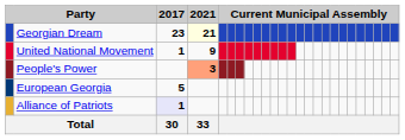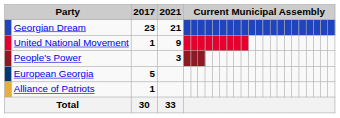 <table class="wikitable">
 <tr>
 <th style="background:#ccc" colspan="2">Party</th>
 <th style="background:#ccc">2017</th>
 <th style="background:#ccc">2021</th>
 <th colspan="42" style="background:#ccc">Current Municipal Assembly</th>
 </tr>
 <tr>
 <td style="background-color: #2044bc"> </td>
 <td><a href='#'>Georgian Dream</a></td>
 <td style="text-align: right"><strong>23</strong></td>
-<td style="background: lightyellow; text-align: right"><strong>21</strong></td>
+<td style="text-align: right"><strong>21</strong></td>
 <td style="background-color: #2044bc"> </td>
 <td style="background-color: #2044bc"> </td>
 <td style="background-color: #2044bc"> </td>
 <td style="background-color: #2044bc"> </td>
 <td style="background-color: #2044bc"> </td>
 <td style="background-color: #2044bc"> </td>
 <td style="background-color: #2044bc"> </td>
 <td style="background-color: #2044bc"> </td>
 <td style="background-color: #2044bc"> </td>
 <td style="background-color: #2044bc"> </td>
 <td style="background-color: #2044bc"> </td>
 <td style="background-color: #2044bc"> </td>
 <td style="background-color: #2044bc"> </td>
 <td style="background-color: #2044bc"> </td>
 <td style="background-color: #2044bc"> </td>
 <td style="background-color: #2044bc"> </td>
 <td style="background-color: #2044bc"> </td>
 <td style="background-color: #2044bc"> </td>
 <td style="background-color: #2044bc"> </td>
 <td style="background-color: #2044bc"> </td>
 <td style="background-color: #2044bc"> </td>
 </tr>
 <tr>
 <td style="background-color: #e4012e"> </td>
 <td><a href='#'>United National Movement</a></td>
 <td style="text-align: right"><strong>1</strong></td>
 <td style="text-align: right"><strong>9</strong></td>
 <td style="background-color: #e4012e"> </td>
 <td style="background-color: #e4012e"> </td>
 <td style="background-color: #e4012e"> </td>
 <td style="background-color: #e4012e"> </td>
 <td style="background-color: #e4012e"> </td>
 <td style="background-color: #e4012e"> </td>
 <td style="background-color: #e4012e"> </td>
 <td style="background-color: #e4012e"> </td>
 <td style="background-color: #e4012e"> </td>
 <td></td>
 <td></td>
 <td></td>
 <td></td>
 <td></td>
 <td></td>
 <td></td>
 <td></td>
 <td></td>
 <td></td>
 <td></td>
 <td></td>
 </tr>
 <tr>
 <td style="background-color: #8e1922"> </td>
 <td><a href='#'>People's Power</a></td>
 <td style="text-align: right"></td>
-<td style="background: lightsalmon; text-align: right"><strong>3</strong></td>
+<td style="text-align: right"><strong>3</strong></td>
 <td style="background-color: #8e1922"> </td>
 <td style="background-color: #8e1922"> </td>
 <td style="background-color: #8e1922"> </td>
 <td></td>
 <td></td>
 <td></td>
 <td></td>
 <td></td>
 <td></td>
 <td></td>
 <td></td>
 <td></td>
 <td></td>
 <td></td>
 <td></td>
 <td></td>
 <td></td>
 <td></td>
 <td></td>
 <td></td>
 <td></td>
 </tr>
 <tr>
 <td style="background-color: #003876"> </td>
 <td><a href='#'>European Georgia</a></td>
 <td style="text-align: right"><strong>5</strong></td>
 <td></td>
 <td></td>
 <td></td>
 <td></td>
 <td></td>
 <td></td>
 <td></td>
 <td></td>
 <td></td>
 <td></td>
 <td></td>
 <td></td>
 <td></td>
 <td></td>
 <td></td>
 <td></td>
 <td></td>
 <td></td>
 <td></td>
 <td></td>
 <td></td>
 <td></td>
 </tr>
 <tr>
 <td style="background-color: #e7b031"> </td>
 <td><a href='#'>Alliance of Patriots</a></td>
-<td style="background: lavender; text-align: right"><strong>1</strong></td>
+<td style="text-align: right"><strong>1</strong></td>
 <td></td>
 <td></td>
 <td></td>
 <td></td>
 <td></td>
 <td></td>
 <td></td>
 <td></td>
 <td></td>
 <td></td>
 <td></td>
 <td></td>
 <td></td>
 <td></td>
 <td></td>
 <td></td>
 <td></td>
 <td></td>
 <td></td>
 <td></td>
 <td></td>
 <td></td>
 </tr>
 <tr>
 <th colspan=2>Total</th>
 <th align=right>30</th>
 <th align=right>33</th>
 <th colspan="42"> </th>
 </tr>
 </table>
